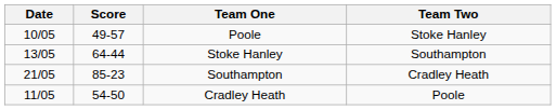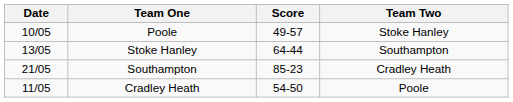 <table class="wikitable" style="text-align: center">
 <tr>
 <th width=80>Date</th>
+<th width=250>Team One</th>
 <th width=80>Score</th>
-<th width=250>Team One</th>
 <th width=250>Team Two</th>
 </tr>
 <tr>
 <td>10/05</td>
+<td>Poole</td>
 <td>49-57</td>
-<td>Poole</td>
 <td>Stoke Hanley</td>
 </tr>
 <tr>
 <td>13/05</td>
+<td>Stoke Hanley</td>
 <td>64-44</td>
-<td>Stoke Hanley</td>
 <td>Southampton</td>
 </tr>
 <tr>
 <td>21/05</td>
+<td>Southampton</td>
 <td>85-23</td>
-<td>Southampton</td>
 <td>Cradley Heath</td>
 </tr>
 <tr>
 <td>11/05</td>
+<td>Cradley Heath</td>
 <td>54-50</td>
-<td>Cradley Heath</td>
 <td>Poole</td>
 </tr>
 </table>
